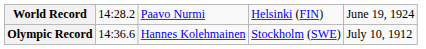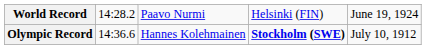 <table class="wikitable" style="font-size:95%;">
 <tr>
 <th>World Record</th>
 <td>14:28.2</td>
 <td> <a href='#'>Paavo Nurmi</a></td>
 <td><a href='#'>Helsinki</a> (<a href='#'>FIN</a>)</td>
 <td>June 19, 1924</td>
 </tr>
 <tr>
 <th>Olympic Record</th>
 <td>14:36.6</td>
 <td> <a href='#'>Hannes Kolehmainen</a></td>
-<td><a href='#'>Stockholm</a> (<a href='#'>SWE</a>)</td>
+<td><strong><a href='#'>Stockholm</a> (<a href='#'>SWE</a>)</strong></td>
 <td>July 10, 1912</td>
 </tr>
 </table>
